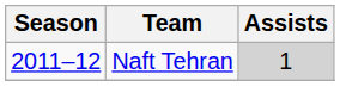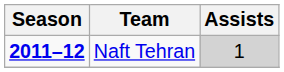 <table class="wikitable" style="text-align: center;">
 <tr>
 <th>Season</th>
 <th>Team</th>
 <th>Assists</th>
 </tr>
 <tr>
-<td><a href='#'>2011–12</a></td>
+<td><strong><a href='#'>2011–12</a></strong></td>
 <td align="left"><a href='#'>Naft Tehran</a></td>
 <td style="background: lightgrey;">1</td>
 </tr>
 <tr>
 </tr>
 </table>
